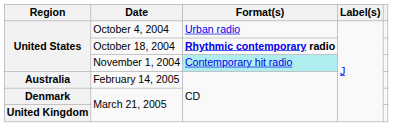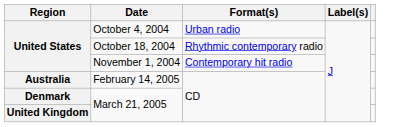 <table class="wikitable plainrowheaders">
 <tr>
 <th scope="col">Region</th>
 <th scope="col">Date</th>
 <th scope="col">Format(s)</th>
 <th scope="col">Label(s)</th>
 <th scope="col"></th>
 </tr>
 <tr>
 <th scope="row" rowspan="3">United States</th>
 <td>October 4, 2004</td>
 <td><a href='#'>Urban radio</a></td>
 <td rowspan="6"><a href='#'>J</a></td>
 <td align="center"></td>
 </tr>
 <tr>
 <td>October 18, 2004</td>
-<td><strong><a href='#'>Rhythmic contemporary</a> radio</strong></td>
+<td><a href='#'>Rhythmic contemporary</a> radio</td>
 <td align="center"></td>
 </tr>
 <tr>
 <td>November 1, 2004</td>
-<td style="background: paleturquoise;"><a href='#'>Contemporary hit radio</a></td>
+<td><a href='#'>Contemporary hit radio</a></td>
 <td align="center"></td>
 </tr>
 <tr>
 <th scope="row">Australia</th>
 <td>February 14, 2005</td>
 <td rowspan="3">CD</td>
 <td align="center"></td>
 </tr>
 <tr>
 <th scope="row">Denmark</th>
 <td rowspan="2">March 21, 2005</td>
 <td align="center"></td>
 </tr>
 <tr>
 <th scope="row">United Kingdom</th>
 <td align="center"></td>
 </tr>
 </table>
